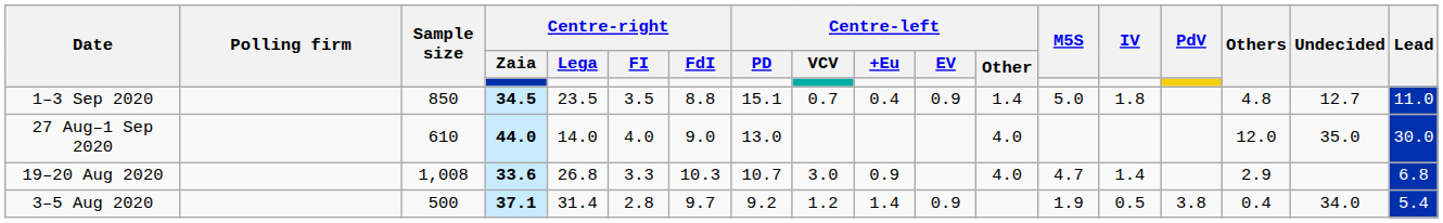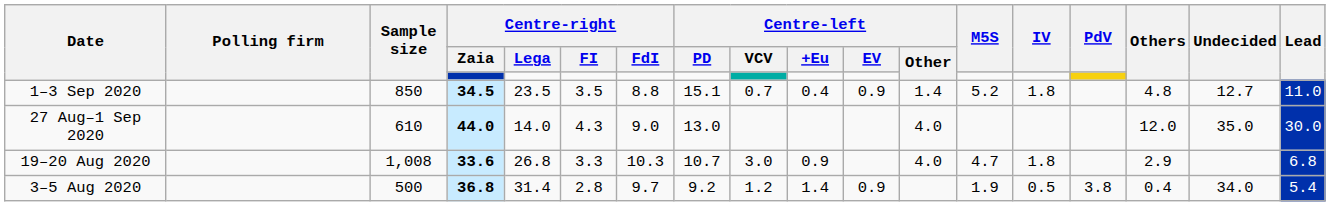 <table class="wikitable collapsible collapsed" style="text-align:center;font-size:85%;line-height:13px">
 <tr style="height:30px; background-color:#E9E9E9">
 <th style="width:110px;" rowspan="3">Date</th>
 <th style="width:140px;" rowspan="3">Polling firm</th>
 <th style="width:50px;" rowspan="3">Sample size</th>
 <th colspan="4" style="width:35px;"><a href='#'>Centre-right</a></th>
 <th colspan="5" style="width:35px;"><a href='#'>Centre-left</a></th>
 <th rowspan="2" style="width:35px;"><a href='#'>M5S</a></th>
 <th rowspan="2" style="width:35px;"><a href='#'>IV</a></th>
 <th rowspan="2" style="width:35px;"><a href='#'>PdV</a></th>
 <th style="width:35px;" rowspan="3">Others</th>
 <th style="width:35px;" rowspan="3">Undecided</th>
 <th style="width:25px;" rowspan="3">Lead</th>
 </tr>
 <tr>
 <th style="width:35px;">Zaia</th>
 <th style="width:35px;"><a href='#'>Lega</a></th>
 <th style="width:35px;"><a href='#'>FI</a></th>
 <th style="width:35px;"><a href='#'>FdI</a></th>
 <th style="width:35px;"><a href='#'>PD</a></th>
 <th style="width:35px;">VCV</th>
 <th style="width:35px;"><a href='#'>+Eu</a></th>
 <th style="width:35px;"><a href='#'>EV</a></th>
 <th rowspan="2" style="width:35px;">Other</th>
 </tr>
 <tr>
 <td bgcolor="#0030AB"></td>
 <td></td>
 <td></td>
 <td></td>
 <td></td>
 <td bgcolor="#00ADA4"></td>
 <td></td>
 <td></td>
 <td></td>
 <td></td>
 <td bgcolor="#F7D10F"></td>
 </tr>
 <tr>
 <td>1–3 Sep 2020</td>
 <td></td>
 <td>850</td>
 <td style="background:#C8EBFF"><strong>34.5</strong></td>
 <td>23.5</td>
 <td>3.5</td>
 <td>8.8</td>
 <td>15.1</td>
 <td>0.7</td>
 <td>0.4</td>
 <td>0.9</td>
 <td>1.4</td>
-<td>5.0</td>
+<td>5.2</td>
 <td>1.8</td>
 <td></td>
 <td>4.8</td>
 <td>12.7</td>
 <td style="background:#0030AB; color:white;">11.0</td>
 </tr>
 <tr>
 <td>27 Aug–1 Sep 2020</td>
 <td></td>
 <td>610</td>
 <td style="background:#C8EBFF"><strong>44.0</strong></td>
 <td>14.0</td>
-<td>4.0</td>
+<td>4.3</td>
 <td>9.0</td>
 <td>13.0</td>
 <td></td>
 <td></td>
 <td></td>
 <td>4.0</td>
 <td></td>
 <td></td>
 <td></td>
 <td>12.0</td>
 <td>35.0</td>
 <td style="background:#0030AB; color:white;">30.0</td>
 </tr>
 <tr>
 <td>19–20 Aug 2020</td>
 <td></td>
 <td>1,008</td>
 <td style="background:#C8EBFF"><strong>33.6</strong></td>
 <td>26.8</td>
 <td>3.3</td>
 <td>10.3</td>
 <td>10.7</td>
 <td>3.0</td>
 <td>0.9</td>
 <td></td>
 <td>4.0</td>
 <td>4.7</td>
-<td>1.4</td>
+<td>1.8</td>
 <td></td>
 <td>2.9</td>
 <td></td>
 <td style="background:#0030AB; color:white;">6.8</td>
 </tr>
 <tr>
 <td>3–5 Aug 2020</td>
 <td></td>
 <td>500</td>
-<td style="background:#C8EBFF"><strong>37.1</strong></td>
+<td style="background:#C8EBFF"><strong>36.8</strong></td>
 <td>31.4</td>
 <td>2.8</td>
 <td>9.7</td>
 <td>9.2</td>
 <td>1.2</td>
 <td>1.4</td>
 <td>0.9</td>
 <td></td>
 <td>1.9</td>
 <td>0.5</td>
 <td>3.8</td>
 <td>0.4</td>
 <td>34.0</td>
 <td style="background:#0030AB; color:white;">5.4</td>
 </tr>
 </table>
